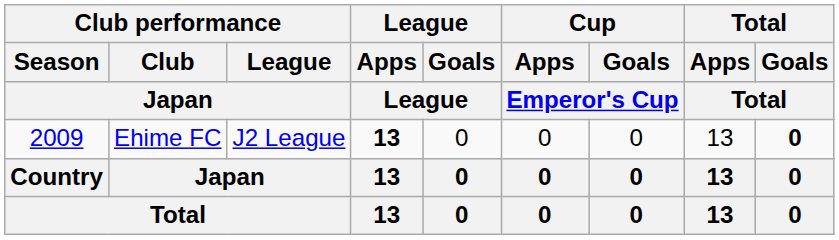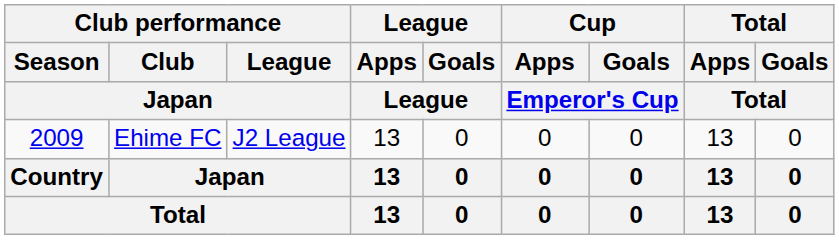 <table class="wikitable" style="text-align:center;">
 <tr>
 <th colspan=3>Club performance</th>
 <th colspan=2>League</th>
 <th colspan=2>Cup</th>
 <th colspan=2>Total</th>
 </tr>
 <tr>
 <th>Season</th>
 <th>Club</th>
 <th>League</th>
 <th>Apps</th>
 <th>Goals</th>
 <th>Apps</th>
 <th>Goals</th>
 <th>Apps</th>
 <th>Goals</th>
 </tr>
 <tr>
 <th colspan=3>Japan</th>
 <th colspan=2>League</th>
 <th colspan=2><a href='#'>Emperor's Cup</a></th>
 <th colspan=2>Total</th>
 </tr>
 <tr>
 <td><a href='#'>2009</a></td>
 <td><a href='#'>Ehime FC</a></td>
 <td><a href='#'>J2 League</a></td>
-<td><strong>13</strong></td>
+<td>13</td>
 <td>0</td>
 <td>0</td>
 <td>0</td>
 <td>13</td>
-<td><strong>0</strong></td>
+<td>0</td>
 </tr>
 <tr>
 <th rowspan=1>Country</th>
 <th colspan=2>Japan</th>
 <th>13</th>
 <th>0</th>
 <th>0</th>
 <th>0</th>
 <th>13</th>
 <th>0</th>
 </tr>
 <tr>
 <th colspan=3>Total</th>
 <th>13</th>
 <th>0</th>
 <th>0</th>
 <th>0</th>
 <th>13</th>
 <th>0</th>
 </tr>
 </table>
